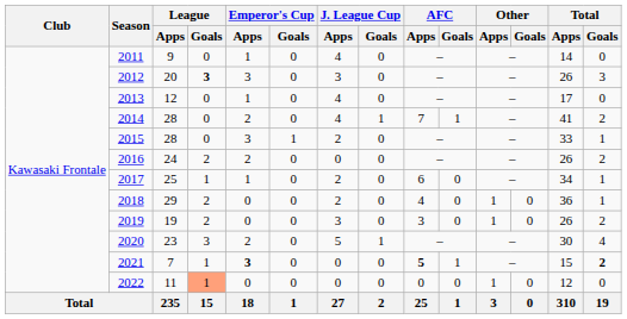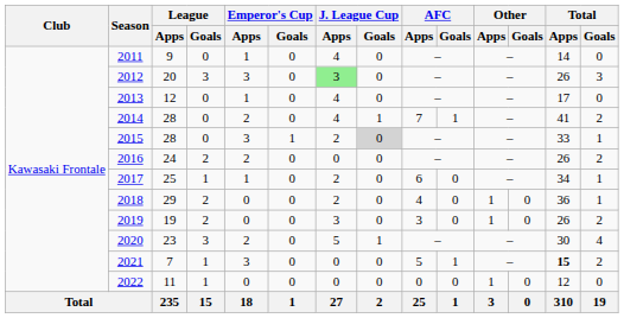 <table class="wikitable" style="text-align:center">
 <tr>
 <th rowspan="2">Club</th>
 <th rowspan="2">Season</th>
 <th colspan="2">League</th>
 <th colspan="2"><a href='#'>Emperor's Cup</a></th>
 <th colspan="2"><a href='#'>J. League Cup</a></th>
 <th colspan="2"><a href='#'>AFC</a></th>
 <th colspan="2">Other</th>
 <th colspan="2">Total</th>
 </tr>
 <tr>
 <th>Apps</th>
 <th>Goals</th>
 <th>Apps</th>
 <th>Goals</th>
 <th>Apps</th>
 <th>Goals</th>
 <th>Apps</th>
 <th>Goals</th>
 <th>Apps</th>
 <th>Goals</th>
 <th>Apps</th>
 <th>Goals</th>
 </tr>
 <tr>
 <td rowspan="12"><a href='#'>Kawasaki Frontale</a></td>
 <td><a href='#'>2011</a></td>
 <td>9</td>
 <td>0</td>
 <td>1</td>
 <td>0</td>
 <td>4</td>
 <td>0</td>
 <td colspan="2">–</td>
 <td colspan="2">–</td>
 <td>14</td>
 <td>0</td>
 </tr>
 <tr>
 <td><a href='#'>2012</a></td>
 <td>20</td>
-<td><strong>3</strong></td>
+<td>3</td>
 <td>3</td>
 <td>0</td>
-<td>3</td>
+<td style="background: lightgreen;">3</td>
 <td>0</td>
 <td colspan="2">–</td>
 <td colspan="2">–</td>
 <td>26</td>
 <td>3</td>
 </tr>
 <tr>
 <td><a href='#'>2013</a></td>
 <td>12</td>
 <td>0</td>
 <td>1</td>
 <td>0</td>
 <td>4</td>
 <td>0</td>
 <td colspan="2">–</td>
 <td colspan="2">–</td>
 <td>17</td>
 <td>0</td>
 </tr>
 <tr>
 <td><a href='#'>2014</a></td>
 <td>28</td>
 <td>0</td>
 <td>2</td>
 <td>0</td>
 <td>4</td>
 <td>1</td>
 <td>7</td>
 <td>1</td>
 <td colspan="2">–</td>
 <td>41</td>
 <td>2</td>
 </tr>
 <tr>
 <td><a href='#'>2015</a></td>
 <td>28</td>
 <td>0</td>
 <td>3</td>
 <td>1</td>
 <td>2</td>
-<td>0</td>
+<td style="background: lightgrey;">0</td>
 <td colspan="2">–</td>
 <td colspan="2">–</td>
 <td>33</td>
 <td>1</td>
 </tr>
 <tr>
 <td><a href='#'>2016</a></td>
 <td>24</td>
 <td>2</td>
 <td>2</td>
 <td>0</td>
 <td>0</td>
 <td>0</td>
 <td colspan="2">–</td>
 <td colspan="2">–</td>
 <td>26</td>
 <td>2</td>
 </tr>
 <tr>
 <td><a href='#'>2017</a></td>
 <td>25</td>
 <td>1</td>
 <td>1</td>
 <td>0</td>
 <td>2</td>
 <td>0</td>
 <td>6</td>
 <td>0</td>
 <td colspan="2">–</td>
 <td>34</td>
 <td>1</td>
 </tr>
 <tr>
 <td><a href='#'>2018</a></td>
 <td>29</td>
 <td>2</td>
 <td>0</td>
 <td>0</td>
 <td>2</td>
 <td>0</td>
 <td>4</td>
 <td>0</td>
 <td>1</td>
 <td>0</td>
 <td>36</td>
 <td>1</td>
 </tr>
 <tr>
 <td><a href='#'>2019</a></td>
 <td>19</td>
 <td>2</td>
 <td>0</td>
 <td>0</td>
 <td>3</td>
 <td>0</td>
 <td>3</td>
 <td>0</td>
 <td>1</td>
 <td>0</td>
 <td>26</td>
 <td>2</td>
 </tr>
 <tr>
 <td><a href='#'>2020</a></td>
 <td>23</td>
 <td>3</td>
 <td>2</td>
 <td>0</td>
 <td>5</td>
 <td>1</td>
 <td colspan="2">–</td>
 <td colspan="2">–</td>
 <td>30</td>
 <td>4</td>
 </tr>
 <tr>
 <td><a href='#'>2021</a></td>
 <td>7</td>
 <td>1</td>
-<td><strong>3</strong></td>
+<td>3</td>
 <td>0</td>
 <td>0</td>
 <td>0</td>
-<td><strong>5</strong></td>
+<td>5</td>
 <td>1</td>
 <td colspan="2">–</td>
-<td>15</td>
-<td><strong>2</strong></td>
+<td><strong>15</strong></td>
+<td>2</td>
 </tr>
 <tr>
 <td><a href='#'>2022</a></td>
 <td>11</td>
-<td style="background: lightsalmon;">1</td>
+<td>1</td>
 <td>0</td>
 <td>0</td>
 <td>0</td>
 <td>0</td>
 <td>0</td>
 <td>0</td>
 <td>1</td>
 <td>0</td>
 <td>12</td>
 <td>0</td>
 </tr>
 <tr>
 <th colspan="2">Total</th>
 <th>235</th>
 <th>15</th>
 <th>18</th>
 <th>1</th>
 <th>27</th>
 <th>2</th>
 <th>25</th>
 <th>1</th>
 <th>3</th>
 <th>0</th>
 <th>310</th>
 <th>19</th>
 </tr>
 </table>
